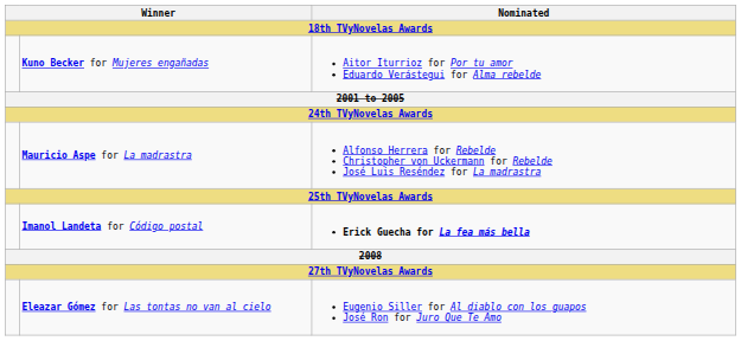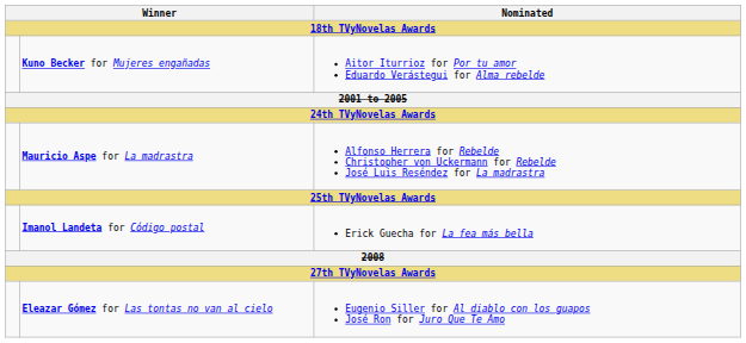 <table class="wikitable" width=80%>
 <tr align=center>
 <th width="150px;" colspan=2; align="center">Winner</th>
 <th width="580px;" align="center">Nominated</th>
 </tr>
 <tr>
 <th colspan=9 style="background:#EEDD82;"  align="center"><strong><a href='#'>18th TVyNovelas Awards</a></strong></th>
 </tr>
 <tr>
 <td width=2%></td>
 <td><strong><a href='#'>Kuno Becker</a></strong> for <em><a href='#'>Mujeres engañadas</a></em></td>
 <td><br><ul><li><a href='#'>Aitor Iturrioz</a> for <em><a href='#'>Por tu amor</a></em></li><li><a href='#'>Eduardo Verástegui</a> for <em><a href='#'>Alma rebelde</a></em></li></ul></td>
 </tr>
 <tr>
 <th colspan=9 align="center"><s>2001 to 2005</s></th>
 </tr>
 <tr>
 <th colspan=9 style="background:#EEDD82;"  align="center"><strong><a href='#'>24th TVyNovelas Awards</a></strong></th>
 </tr>
 <tr>
 <td width=2%></td>
 <td><strong><a href='#'>Mauricio Aspe</a></strong> for <em><a href='#'>La madrastra</a></em></td>
 <td><br><ul><li><a href='#'>Alfonso Herrera</a> for <em><a href='#'>Rebelde</a></em></li><li><a href='#'>Christopher von Uckermann</a> for <em><a href='#'>Rebelde</a></em></li><li><a href='#'>José Luis Reséndez</a> for <em><a href='#'>La madrastra</a></em></li></ul></td>
 </tr>
 <tr>
 <th colspan=9 style="background:#EEDD82;"  align="center"><strong><a href='#'>25th TVyNovelas Awards</a></strong></th>
 </tr>
 <tr>
 <td width=2%></td>
 <td><strong><a href='#'>Imanol Landeta</a></strong> for <em><a href='#'>Código postal</a></em></td>
-<td><strong><br><ul><li>Erick Guecha for <em><a href='#'>La fea más bella</a></em></li></ul></strong></td>
+<td><br><ul><li>Erick Guecha for <em><a href='#'>La fea más bella</a></em></li></ul></td>
 </tr>
 <tr>
 <th colspan=9 align="center"><s>2008</s></th>
 </tr>
 <tr>
 <th colspan=9 style="background:#EEDD82;"  align="center"><strong><a href='#'>27th TVyNovelas Awards</a></strong></th>
 </tr>
 <tr>
 <td width=2%></td>
 <td><strong><a href='#'>Eleazar Gómez</a></strong> for <em><a href='#'>Las tontas no van al cielo</a></em></td>
 <td><br><ul><li><a href='#'>Eugenio Siller</a> for <em><a href='#'>Al diablo con los guapos</a></em></li><li><a href='#'>José Ron</a> for <em><a href='#'>Juro Que Te Amo</a></em></li></ul></td>
 </tr>
 </table>
